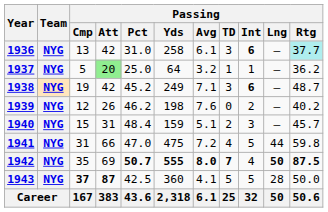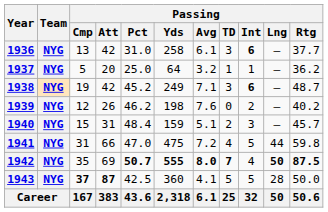 <table class="wikitable" style="text-align:center">
 <tr>
 <th rowspan="2">Year</th>
 <th rowspan="2">Team</th>
 <th colspan="9">Passing</th>
 </tr>
 <tr>
 <th>Cmp</th>
 <th>Att</th>
 <th>Pct</th>
 <th>Yds</th>
 <th>Avg</th>
 <th>TD</th>
 <th>Int</th>
 <th>Lng</th>
 <th>Rtg</th>
 </tr>
 <tr>
 <th><a href='#'>1936</a></th>
 <th><a href='#'>NYG</a></th>
 <td>13</td>
 <td>42</td>
 <td>31.0</td>
 <td>258</td>
 <td>6.1</td>
 <td>3</td>
 <td><strong>6</strong></td>
 <td>–</td>
-<td style="background: paleturquoise;">37.7</td>
+<td>37.7</td>
 </tr>
 <tr>
 <th><a href='#'>1937</a></th>
 <th><a href='#'>NYG</a></th>
 <td>5</td>
-<td style="background: lightgreen;">20</td>
+<td>20</td>
 <td>25.0</td>
 <td>64</td>
 <td>3.2</td>
 <td>1</td>
 <td>1</td>
 <td>–</td>
 <td>36.2</td>
 </tr>
 <tr>
 <th><a href='#'>1938</a></th>
 <th style="background:#ffe6bd;"><a href='#'>NYG</a></th>
 <td>19</td>
 <td>42</td>
 <td>45.2</td>
 <td>249</td>
 <td>7.1</td>
 <td>3</td>
 <td><strong>6</strong></td>
 <td>–</td>
 <td>48.7</td>
 </tr>
 <tr>
 <th><a href='#'>1939</a></th>
 <th><a href='#'>NYG</a></th>
 <td>12</td>
 <td>26</td>
 <td>46.2</td>
 <td>198</td>
 <td>7.6</td>
 <td>0</td>
 <td>2</td>
 <td>–</td>
 <td>40.2</td>
 </tr>
 <tr>
 <th><a href='#'>1940</a></th>
 <th><a href='#'>NYG</a></th>
 <td>15</td>
 <td>31</td>
 <td>48.4</td>
 <td>159</td>
 <td>5.1</td>
 <td>2</td>
 <td>3</td>
 <td>–</td>
 <td>45.7</td>
 </tr>
 <tr>
 <th><a href='#'>1941</a></th>
 <th><a href='#'>NYG</a></th>
 <td>31</td>
 <td>66</td>
 <td>47.0</td>
 <td>475</td>
 <td>7.2</td>
 <td>4</td>
 <td>5</td>
 <td>44</td>
 <td>59.8</td>
 </tr>
 <tr>
 <th><a href='#'>1942</a></th>
 <th><a href='#'>NYG</a></th>
 <td>35</td>
 <td>69</td>
 <td><strong>50.7</strong></td>
 <td><strong>555</strong></td>
 <td><strong>8.0</strong></td>
 <td><strong>7</strong></td>
 <td>4</td>
 <td><strong>50</strong></td>
 <td><strong>87.5</strong></td>
 </tr>
 <tr>
 <th><a href='#'>1943</a></th>
 <th><a href='#'>NYG</a></th>
 <td><strong>37</strong></td>
 <td><strong>87</strong></td>
 <td>42.5</td>
 <td>360</td>
 <td>4.1</td>
 <td>5</td>
 <td>5</td>
 <td>28</td>
 <td>50.0</td>
 </tr>
 <tr>
 <th colspan="2">Career</th>
 <th>167</th>
 <th>383</th>
 <th>43.6</th>
 <th>2,318</th>
 <th>6.1</th>
 <th>25</th>
 <th>32</th>
 <th>50</th>
 <th>50.6</th>
 </tr>
 </table>
